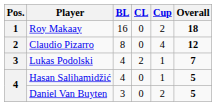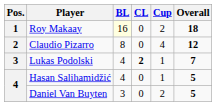 <table class="wikitable">
 <tr>
 <th>Pos.</th>
 <th>Player</th>
 <th><a href='#'>BL</a></th>
 <th><a href='#'>CL</a></th>
 <th><a href='#'>Cup</a></th>
 <th>Overall</th>
 </tr>
 <tr>
 <th>1</th>
 <td> <a href='#'>Roy Makaay</a></td>
-<td align="center">16</td>
+<td align="center" style="background: lightyellow;">16</td>
 <td align="center">0</td>
 <td align="center">2</td>
 <td align="center"><strong>18</strong></td>
 </tr>
 <tr>
 <th>2</th>
 <td> <a href='#'>Claudio Pizarro</a></td>
 <td align="center">8</td>
 <td align="center">0</td>
 <td align="center">4</td>
 <td align="center"><strong>12</strong></td>
 </tr>
 <tr>
 <th>3</th>
 <td> <a href='#'>Lukas Podolski</a></td>
 <td align="center">4</td>
-<td align="center">2</td>
+<td align="center"><strong>2</strong></td>
 <td align="center">1</td>
 <td align="center"><strong>7</strong></td>
 </tr>
 <tr>
 <th rowspan=2>4</th>
 <td> <a href='#'>Hasan Salihamidžić</a></td>
 <td align="center">4</td>
 <td align="center">0</td>
 <td align="center">1</td>
 <td align="center"><strong>5</strong></td>
 </tr>
 <tr>
 <td> <a href='#'>Daniel Van Buyten</a></td>
 <td align="center">3</td>
 <td align="center">0</td>
 <td align="center">2</td>
 <td align="center"><strong>5</strong></td>
 </tr>
 </table>
